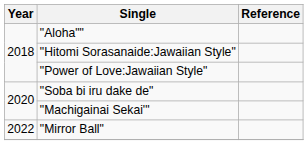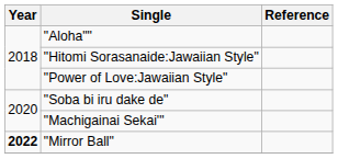 <table class="wikitable plainrowheaders" style="text-align:center;">
 <tr>
 <th scope="col">Year</th>
 <th scope="col">Single</th>
 <th scope="col">Reference</th>
 </tr>
 <tr>
 <td rowspan="3">2018</td>
 <td style="text-align:left;">"Aloha""<br></td>
 <td></td>
 </tr>
 <tr>
 <td style="text-align:left;">"Hitomi Sorasanaide:Jawaiian Style"<br></td>
 <td></td>
 </tr>
 <tr>
 <td style="text-align:left;">"Power of Love:Jawaiian Style"<br></td>
 <td></td>
 </tr>
 <tr>
 <td rowspan="2">2020</td>
 <td style="text-align:left;">"Soba bi iru dake de"<br></td>
 <td></td>
 </tr>
 <tr>
 <td style="text-align:left;">"Machigainai Sekai'"<br></td>
 <td></td>
 </tr>
 <tr>
-<td rowspan="1">2022</td>
+<td rowspan="1"><strong>2022</strong></td>
 <td style="text-align:left;">"Mirror Ball"<br></td>
 <td></td>
 </tr>
 <tr>
 </tr>
 </table>
